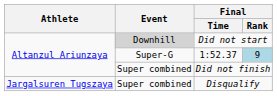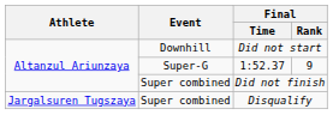 <table class="wikitable" style="text-align:center;">
 <tr>
 <th rowspan="2">Athlete</th>
 <th rowspan="2">Event</th>
 <th colspan="2">Final</th>
 </tr>
 <tr>
 <th>Time</th>
 <th>Rank</th>
 </tr>
 <tr>
 <td rowspan="3"><a href='#'>Altanzul Ariunzaya</a></td>
-<td style="background: lightgrey;">Downhill</td>
+<td>Downhill</td>
 <td colspan="2"><em>Did not start</em></td>
 </tr>
 <tr>
 <td>Super-G</td>
 <td>1:52.37</td>
-<td style="background: lightblue;">9</td>
+<td>9</td>
 </tr>
 <tr>
 <td>Super combined</td>
 <td colspan="2"><em>Did not finish</em></td>
 </tr>
 <tr>
 <td rowspan="2"><a href='#'>Jargalsuren Tugszaya</a></td>
 <td>Super combined</td>
 <td colspan="2"><em>Disqualify</em></td>
 </tr>
 </table>
